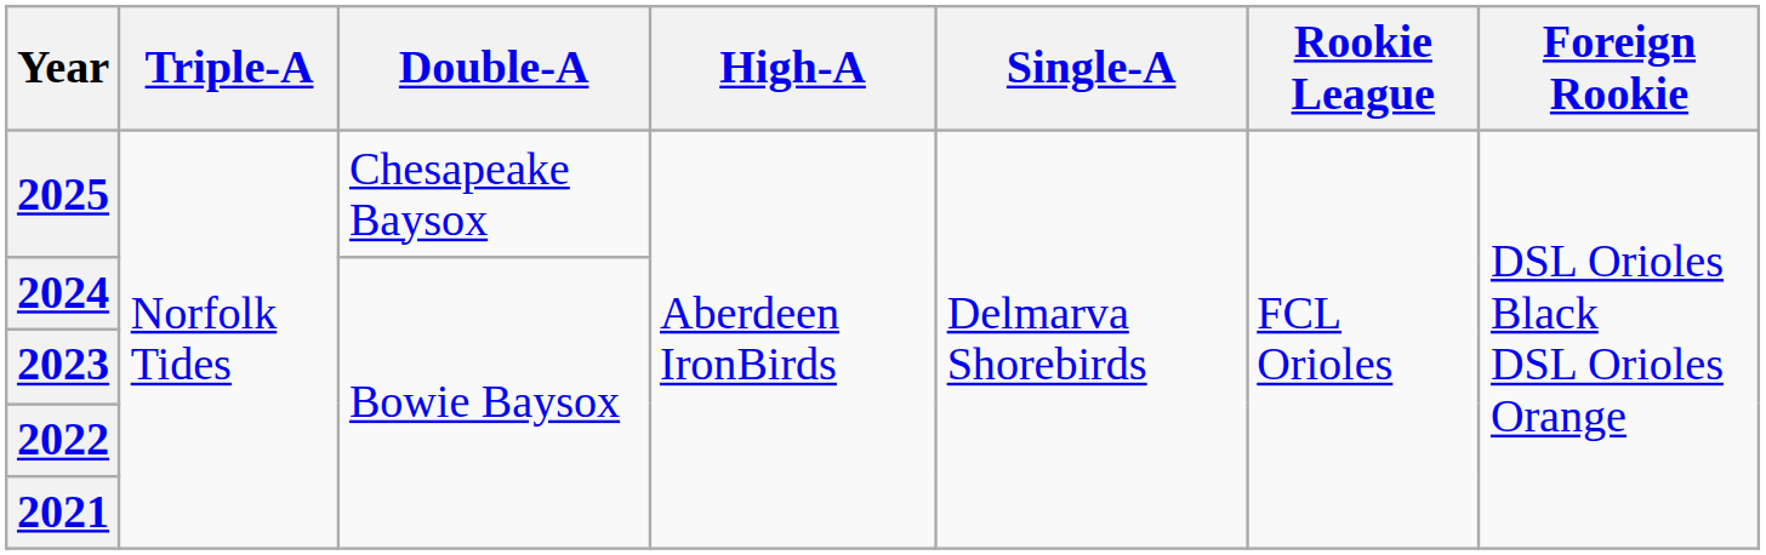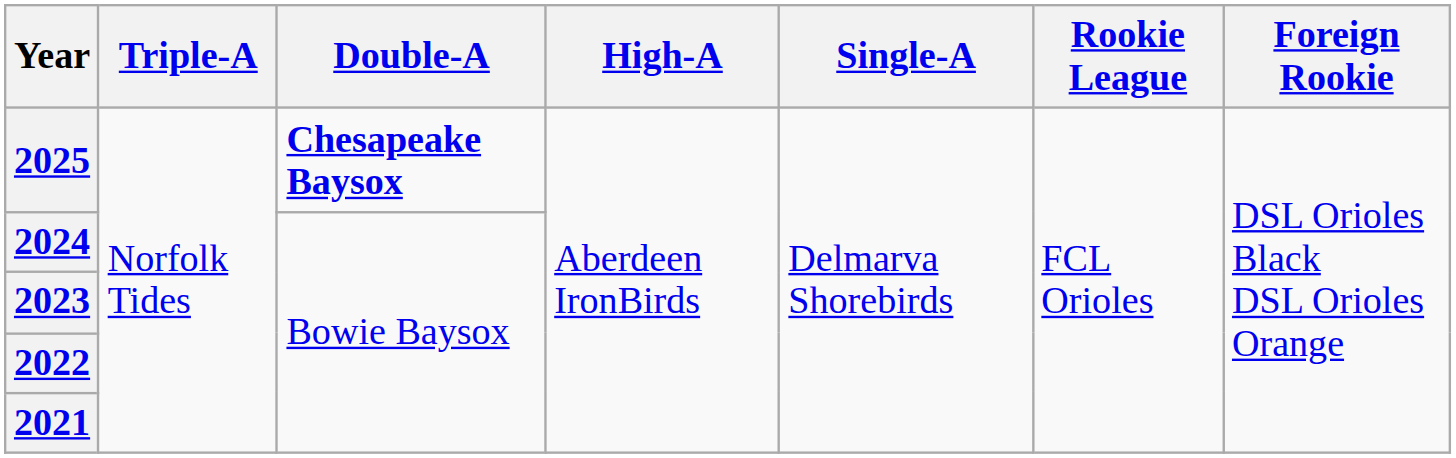 <table class="wikitable">
 <tr>
 <th>Year</th>
 <th><a href='#'><span>Triple-A</span></a></th>
 <th><a href='#'><span>Double-A</span></a></th>
 <th><a href='#'><span>High-A</span></a></th>
 <th><a href='#'><span>Single-A</span></a></th>
 <th><a href='#'><span>Rookie League</span></a></th>
 <th><a href='#'><span>Foreign Rookie</span></a></th>
 </tr>
 <tr>
 <th><a href='#'>2025</a></th>
 <td rowspan=5><a href='#'>Norfolk Tides</a></td>
-<td rowspan=1><a href='#'>Chesapeake Baysox</a></td>
+<td rowspan=1><strong><a href='#'>Chesapeake Baysox</a></strong></td>
 <td rowspan=5><a href='#'>Aberdeen IronBirds</a></td>
 <td rowspan=5><a href='#'>Delmarva Shorebirds</a></td>
 <td rowspan=5><a href='#'>FCL Orioles</a></td>
 <td rowspan=5><a href='#'>DSL Orioles Black</a><br><a href='#'>DSL Orioles Orange</a></td>
 </tr>
 <tr>
 <th><a href='#'>2024</a></th>
 <td rowspan=4><a href='#'>Bowie Baysox</a></td>
 </tr>
 <tr>
 <th><a href='#'>2023</a></th>
 </tr>
 <tr>
 <th><a href='#'>2022</a></th>
 </tr>
 <tr>
 <th><a href='#'>2021</a></th>
 </tr>
 </table>
